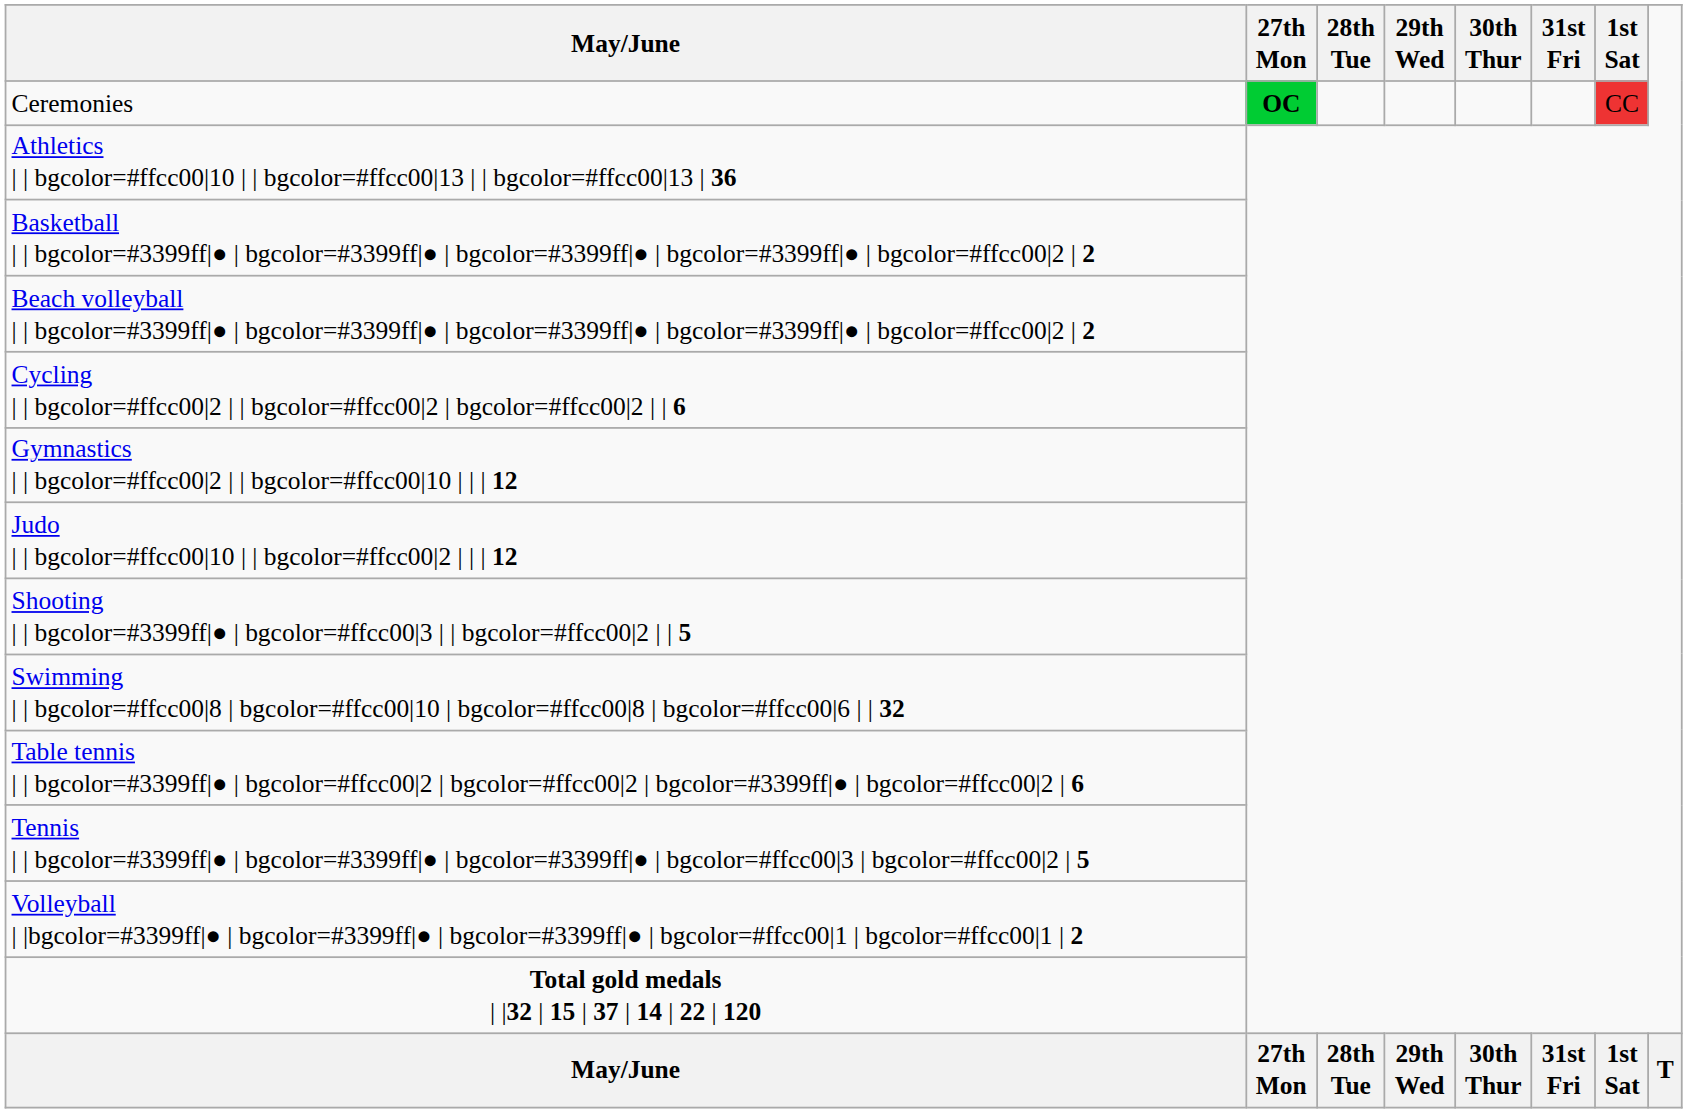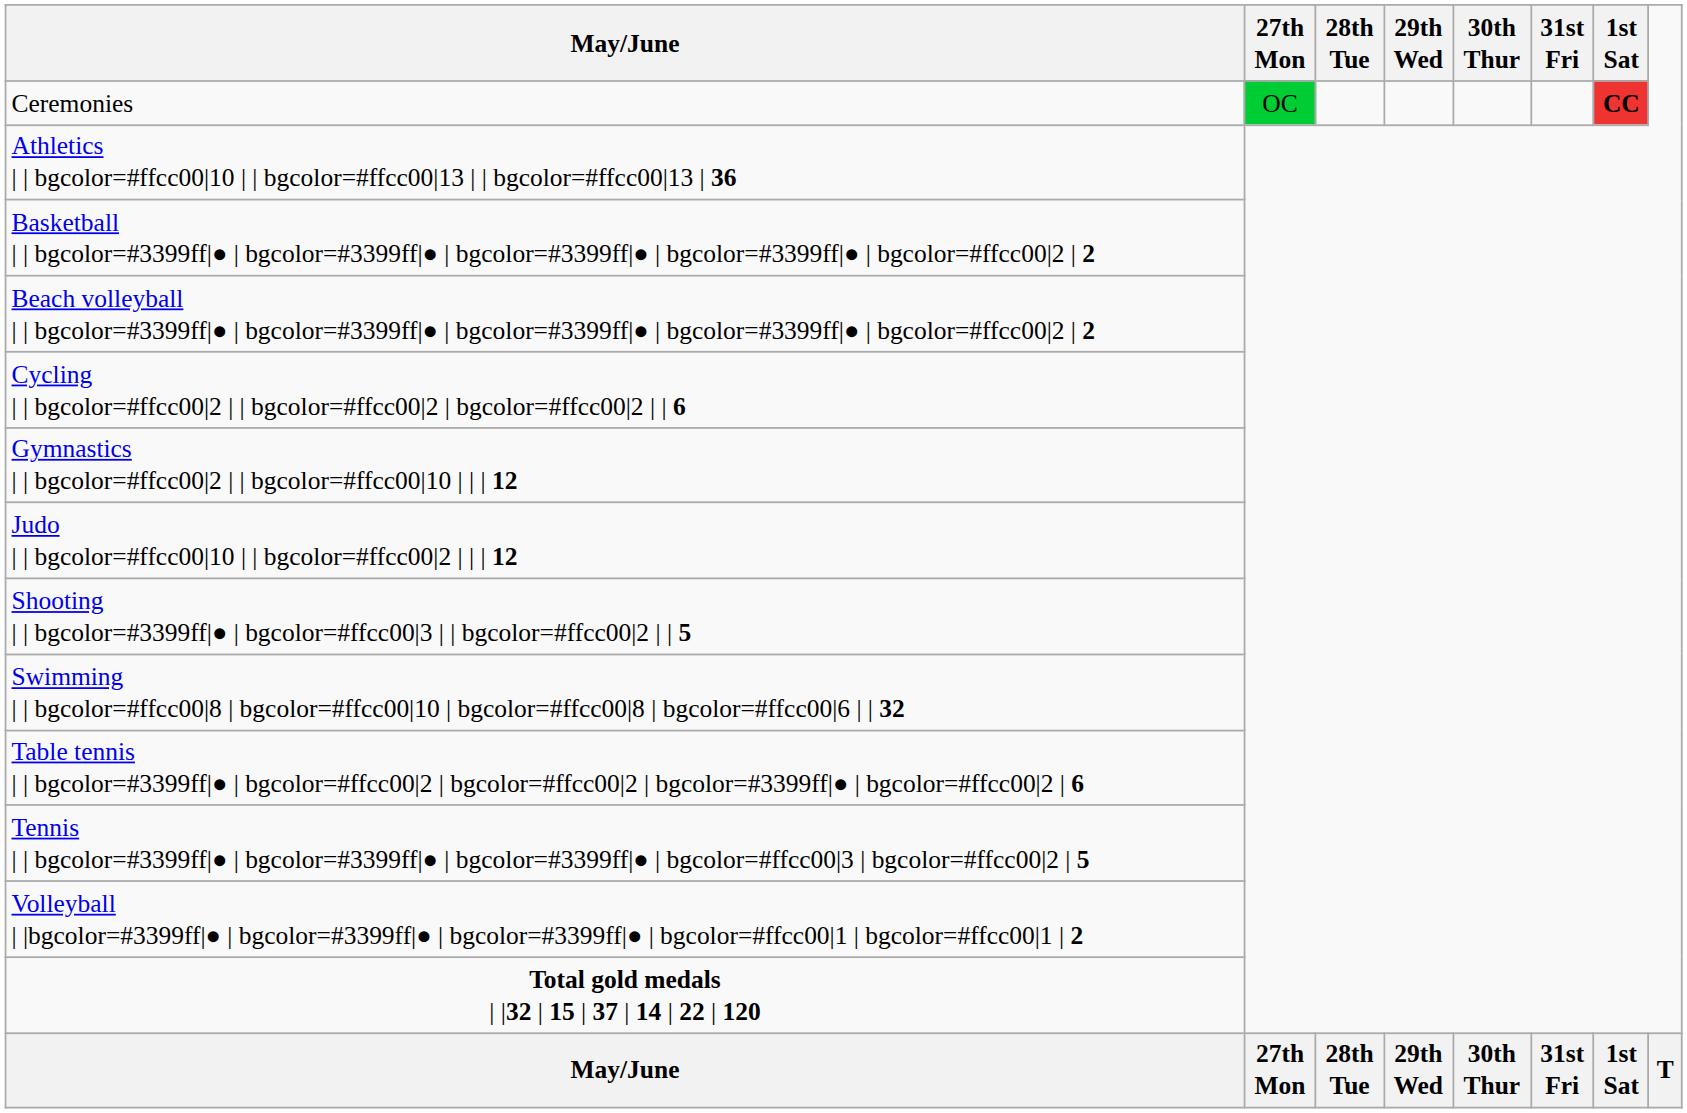 <table class="wikitable" style="margin:0.5em auto; font-size:90%; line-height:1.25em;" width=75%>
 <tr>
 <th colspan=2>May/June</th>
 <th>27th<br>Mon</th>
 <th>28th<br>Tue</th>
 <th>29th<br>Wed</th>
 <th>30th<br>Thur</th>
 <th>31st<br>Fri</th>
 <th>1st<br>Sat</th>
 </tr>
 <tr>
 <td colspan=2>Ceremonies</td>
-<td bgcolor=#00cc33 align=center><strong>OC</strong></td>
+<td bgcolor=#00cc33 align=center>OC</td>
 <td></td>
 <td></td>
 <td></td>
 <td></td>
-<td bgcolor=#ee3333 align=center>CC</td>
+<td bgcolor=#ee3333 align=center><strong>CC</strong></td>
 </tr>
 <tr align="center">
 <td colspan=2 align="left"> <a href='#'>Athletics</a><br>|  | bgcolor=#ffcc00|10 | | bgcolor=#ffcc00|13 | | bgcolor=#ffcc00|13 | <strong>36</strong></td>
 </tr>
 <tr align="center">
 <td colspan=2 align="left"> <a href='#'>Basketball</a><br>| | bgcolor=#3399ff|● | bgcolor=#3399ff|● | bgcolor=#3399ff|● | bgcolor=#3399ff|● | bgcolor=#ffcc00|2 | <strong>2</strong></td>
 </tr>
 <tr align="center">
 <td colspan=2 align="left"> <a href='#'>Beach volleyball</a><br>|  | bgcolor=#3399ff|● | bgcolor=#3399ff|● | bgcolor=#3399ff|● | bgcolor=#3399ff|● | bgcolor=#ffcc00|2 | <strong>2</strong></td>
 </tr>
 <tr align="center">
 <td colspan=2 align="left"> <a href='#'>Cycling</a><br>|  | bgcolor=#ffcc00|2 |  | bgcolor=#ffcc00|2 | bgcolor=#ffcc00|2 |  | <strong>6</strong></td>
 </tr>
 <tr align="center">
 <td colspan=2 align="left"> <a href='#'>Gymnastics</a><br>| | bgcolor=#ffcc00|2 |  | bgcolor=#ffcc00|10 | | | <strong>12</strong></td>
 </tr>
 <tr align="center">
 <td colspan=2 align="left"> <a href='#'>Judo</a><br>|  | bgcolor=#ffcc00|10 |  | bgcolor=#ffcc00|2 |  |  | <strong>12</strong></td>
 </tr>
 <tr align="center">
 <td colspan=2 align="left"> <a href='#'>Shooting</a><br>|  | bgcolor=#3399ff|● | bgcolor=#ffcc00|3 |  | bgcolor=#ffcc00|2 |  | <strong>5</strong></td>
 </tr>
 <tr align="center">
 <td colspan=2 align="left"> <a href='#'>Swimming</a><br>|  | bgcolor=#ffcc00|8 | bgcolor=#ffcc00|10 | bgcolor=#ffcc00|8 | bgcolor=#ffcc00|6 |  | <strong>32</strong></td>
 </tr>
 <tr align="center">
 <td colspan=2 align="left"> <a href='#'>Table tennis</a><br>|  | bgcolor=#3399ff|● | bgcolor=#ffcc00|2 | bgcolor=#ffcc00|2 | bgcolor=#3399ff|● | bgcolor=#ffcc00|2 | <strong>6</strong></td>
 </tr>
 <tr align="center">
 <td colspan=2 align="left"> <a href='#'>Tennis</a><br>|  | bgcolor=#3399ff|● | bgcolor=#3399ff|● | bgcolor=#3399ff|● | bgcolor=#ffcc00|3 | bgcolor=#ffcc00|2 | <strong>5</strong></td>
 </tr>
 <tr align="center">
 <td colspan=2 align="left"> <a href='#'>Volleyball</a><br>|  |bgcolor=#3399ff|● | bgcolor=#3399ff|● | bgcolor=#3399ff|● | bgcolor=#ffcc00|1 | bgcolor=#ffcc00|1 | <strong>2</strong></td>
 </tr>
 <tr align="center">
 <td colspan=2><strong>Total gold medals</strong><br>|  |<strong>32</strong> | <strong>15</strong> | <strong>37</strong> | <strong>14</strong> | <strong>22</strong> | <strong>120</strong></td>
 </tr>
 <tr>
 <th colspan=2>May/June</th>
 <th>27th<br>Mon</th>
 <th>28th<br>Tue</th>
 <th>29th<br>Wed</th>
 <th>30th<br>Thur</th>
 <th>31st<br>Fri</th>
 <th>1st<br>Sat</th>
 <th>T</th>
 </tr>
 </table>
